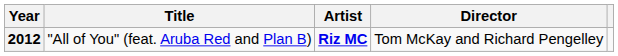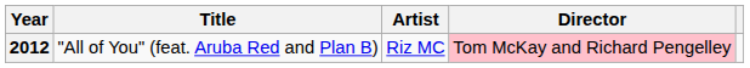 <table class="wikitable">
 <tr>
 <th>Year</th>
 <th>Title</th>
 <th>Artist</th>
 <th>Director</th>
 <th></th>
 </tr>
 <tr>
 <th scope=row>2012</th>
 <td>"All of You" (feat. <a href='#'>Aruba Red</a> and <a href='#'>Plan B</a>)</td>
-<td><strong><a href='#'>Riz MC</a></strong></td>
-<td>Tom McKay and Richard Pengelley</td>
+<td><a href='#'>Riz MC</a></td>
+<td style="background: pink;">Tom McKay and Richard Pengelley</td>
 <td style="text-align: center;"></td>
 </tr>
 </table>
